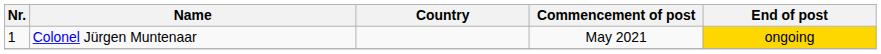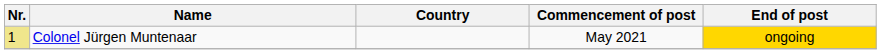 <table class="wikitable sortable">
 <tr>
 <th>Nr.</th>
 <th style="width:23em">Name</th>
 <th style="width:12em">Country</th>
 <th style="width:12em">Commencement of post</th>
 <th style="width:12em">End of post</th>
 </tr>
 <tr>
-<td>1</td>
+<td style="background: khaki;">1</td>
 <td><a href='#'>Colonel</a> Jürgen Muntenaar </td>
 <td align="center"></td>
 <td align="center">May 2021</td>
 <td align="center" style="background: gold;">ongoing</td>
 </tr>
 <tr>
 </tr>
 </table>
